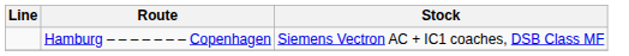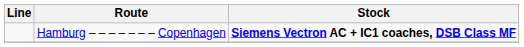 <table class="wikitable">
 <tr>
 <th>Line</th>
 <th>Route</th>
 <th>Stock</th>
 </tr>
 <tr>
 <td></td>
 <td><a href='#'>Hamburg</a> –  – <em></em> –  –  –  –  – <a href='#'>Copenhagen</a></td>
-<td><a href='#'>Siemens Vectron</a> AC + IC1 coaches, <a href='#'>DSB Class MF</a></td>
+<td><strong><a href='#'>Siemens Vectron</a> AC + IC1 coaches, <a href='#'>DSB Class MF</a></strong></td>
 </tr>
 <tr>
 </tr>
 </table>
